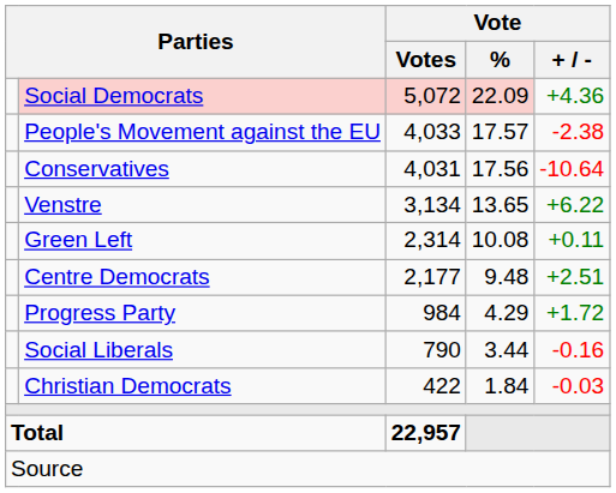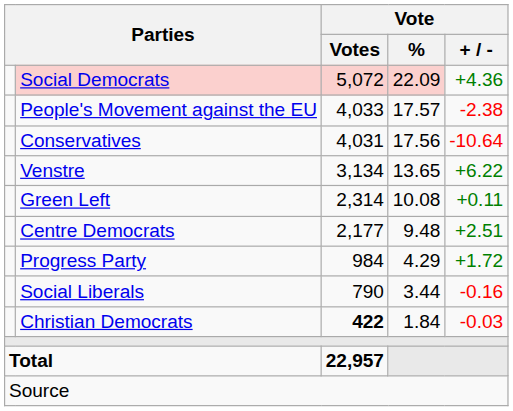 <table class="wikitable" style="text-align:right;">
 <tr>
 <th style="text-align:centre;" rowspan="2" colspan="2" width="225">Parties</th>
 <th colspan="3">Vote</th>
 </tr>
 <tr>
 <th width="15">Votes</th>
 <th width="15">%</th>
 <th width="15">+ / -</th>
 </tr>
 <tr>
 <td width="2" style="color:inherit;background:"></td>
 <td bgcolor=#fbd0ce   align="left"><a href='#'>Social Democrats</a></td>
 <td bgcolor=#fbd0ce>5,072</td>
 <td bgcolor=#fbd0ce>22.09</td>
 <td style=color:green;>+4.36</td>
 </tr>
 <tr>
 <td width="2" style="color:inherit;background:"></td>
 <td align="left"><a href='#'>People's Movement against the EU</a></td>
 <td>4,033</td>
 <td>17.57</td>
 <td style=color:red;>-2.38</td>
 </tr>
 <tr>
 <td width="2" style="color:inherit;background:"></td>
 <td align="left"><a href='#'>Conservatives</a></td>
 <td>4,031</td>
 <td>17.56</td>
 <td style=color:red;>-10.64</td>
 </tr>
 <tr>
 <td width="2" style="color:inherit;background:"></td>
 <td align="left"><a href='#'>Venstre</a></td>
 <td>3,134</td>
 <td>13.65</td>
 <td style=color:green;>+6.22</td>
 </tr>
 <tr>
 <td width="2" style="color:inherit;background:"></td>
 <td align="left"><a href='#'>Green Left</a></td>
 <td>2,314</td>
 <td>10.08</td>
 <td style=color:green;>+0.11</td>
 </tr>
 <tr>
 <td width="2" style="color:inherit;background:"></td>
 <td align="left"><a href='#'>Centre Democrats</a></td>
 <td>2,177</td>
 <td>9.48</td>
 <td style=color:green;>+2.51</td>
 </tr>
 <tr>
 <td width="2" style="color:inherit;background:"></td>
 <td align="left"><a href='#'>Progress Party</a></td>
 <td>984</td>
 <td>4.29</td>
 <td style=color:green;>+1.72</td>
 </tr>
 <tr>
 <td width="2" style="color:inherit;background:"></td>
 <td align="left"><a href='#'>Social Liberals</a></td>
 <td>790</td>
 <td>3.44</td>
 <td style=color:red;>-0.16</td>
 </tr>
 <tr>
 <td width="2" style="color:inherit;background:"></td>
 <td align="left"><a href='#'>Christian Democrats</a></td>
-<td>422</td>
+<td><strong>422</strong></td>
 <td>1.84</td>
 <td style=color:red;>-0.03</td>
 </tr>
 <tr>
 <td colspan="7" bgcolor="#E9E9E9"></td>
 </tr>
 <tr>
 <td align="left" colspan="2"><strong>Total</strong></td>
 <td><strong>22,957</strong></td>
 <td bgcolor="#E9E9E9" colspan="2"></td>
 </tr>
 <tr>
 <td align="left" colspan="6">Source</td>
 </tr>
 </table>
